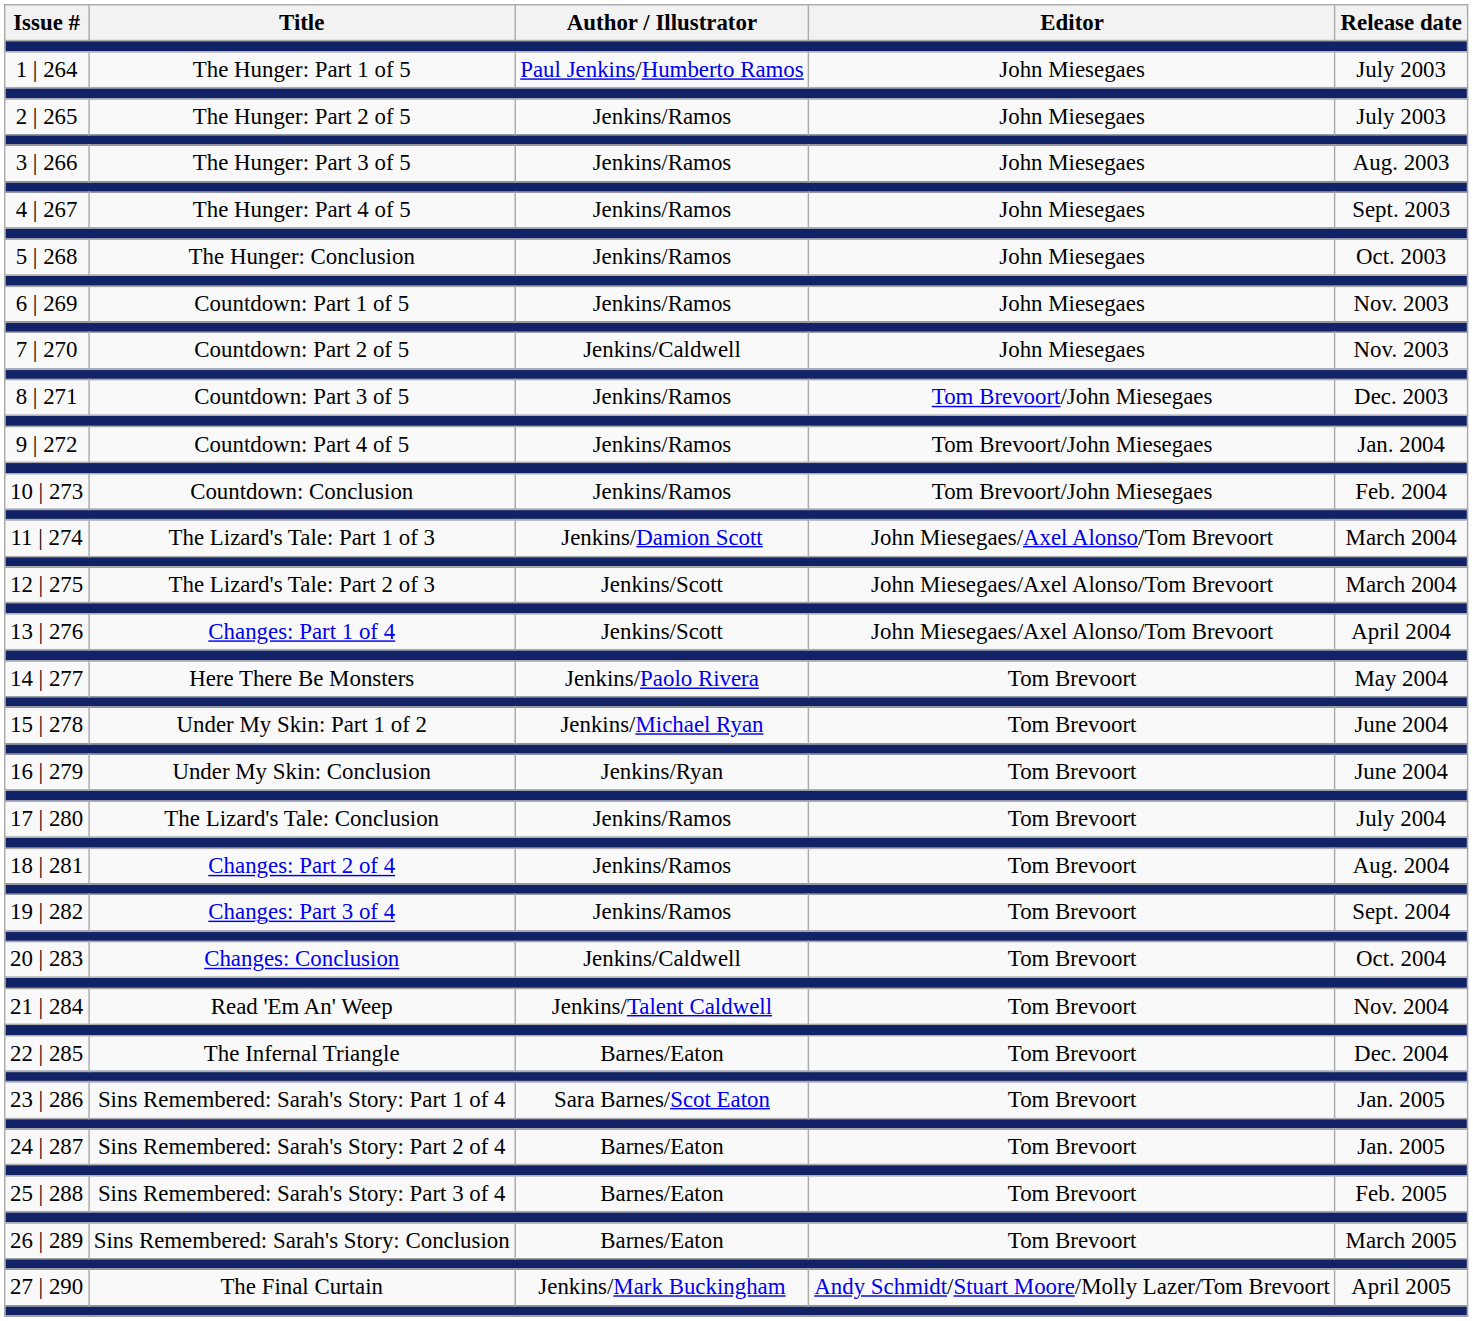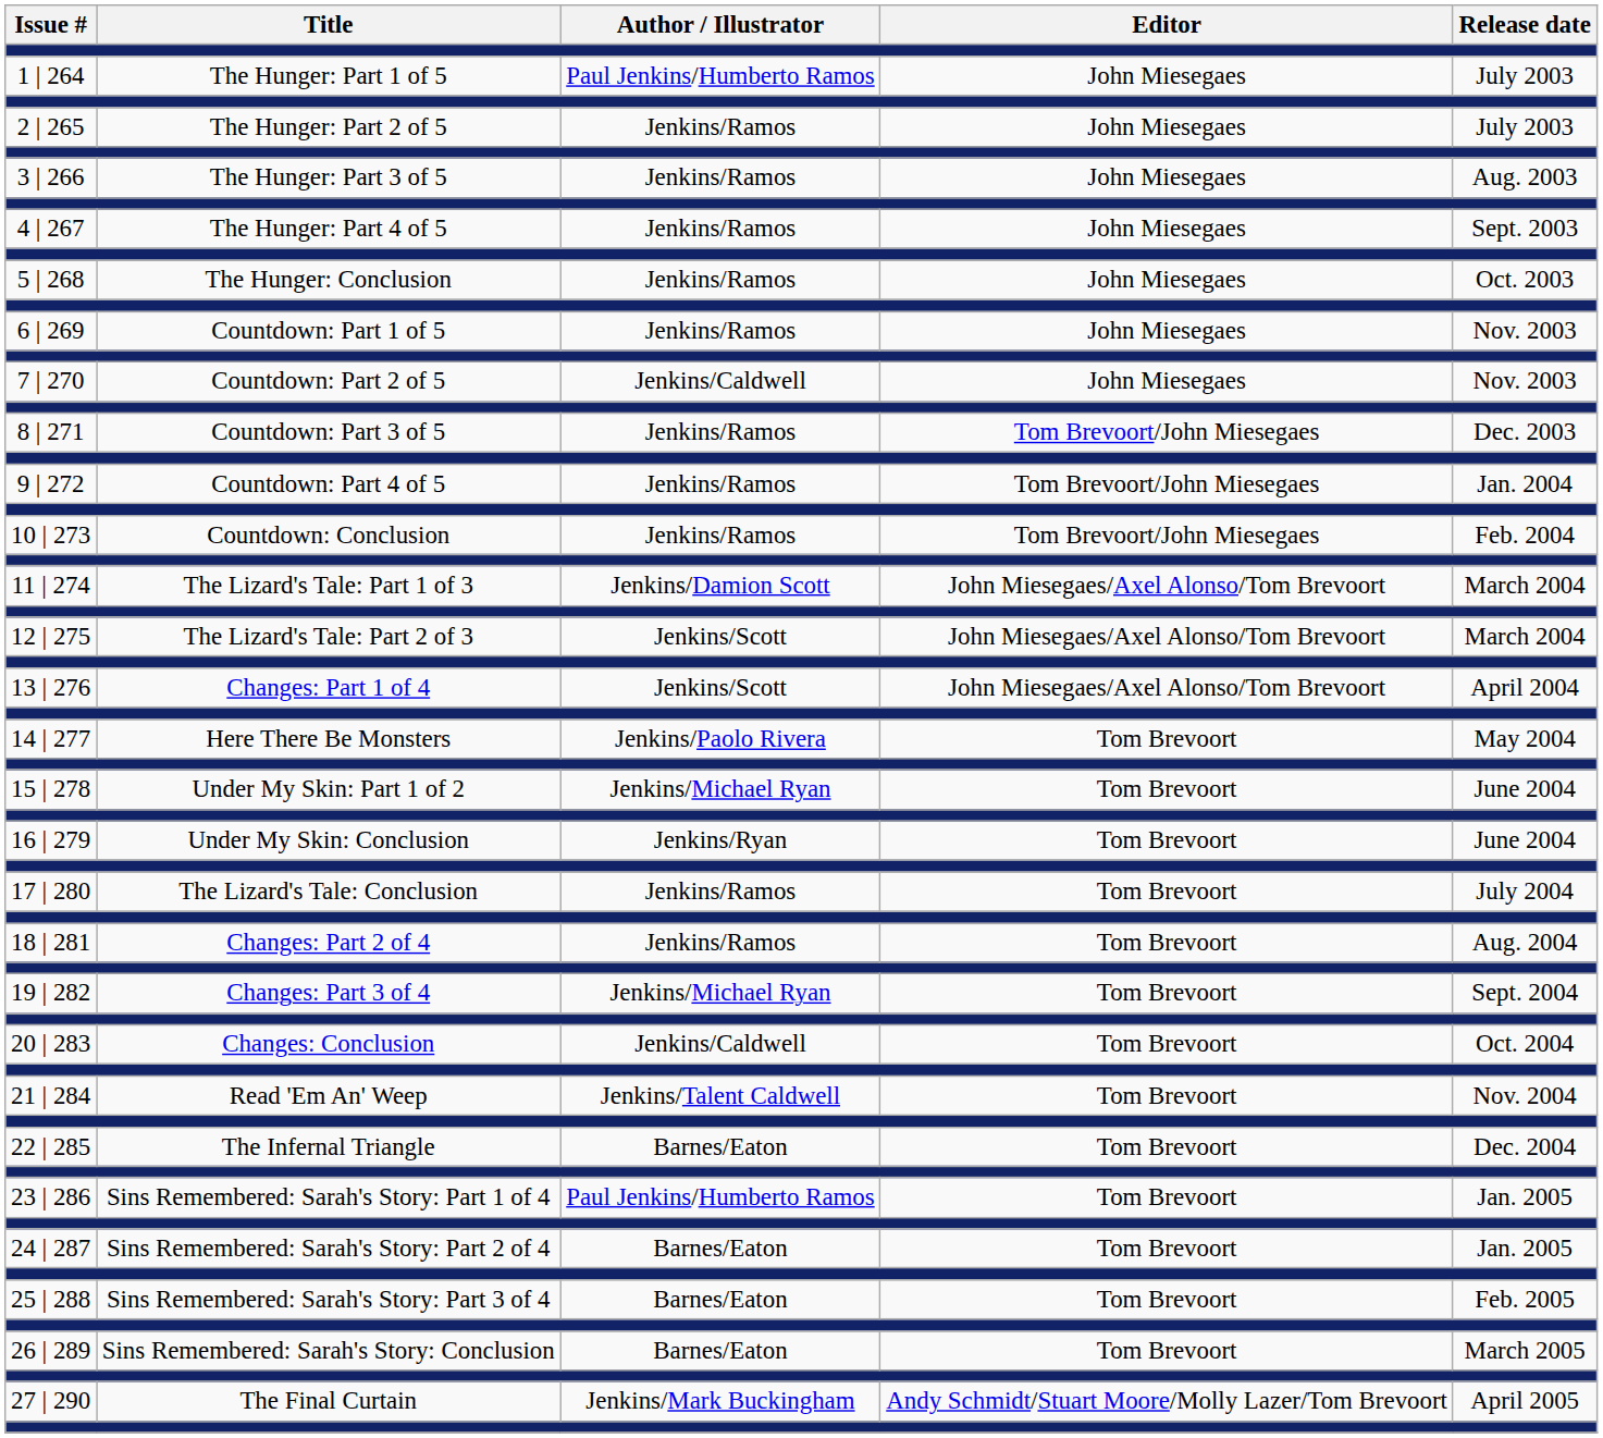 <table class="wikitable">
 <tr>
 <th>Issue #</th>
 <th>Title</th>
 <th>Author / Illustrator</th>
 <th>Editor</th>
 <th>Release date</th>
 </tr>
 <tr>
 <td colspan="6" bgcolor="#112266"></td>
 </tr>
 <tr>
 <td align="center">1  |  264</td>
 <td align="center">The Hunger: Part 1 of 5</td>
 <td align="center"><a href='#'>Paul Jenkins</a>/<a href='#'>Humberto Ramos</a></td>
 <td align="center">John Miesegaes</td>
 <td align="center">July 2003</td>
 </tr>
 <tr>
 <td colspan="6" bgcolor="#112266"></td>
 </tr>
 <tr>
 <td align="center">2  |  265</td>
 <td align="center">The Hunger: Part 2 of 5</td>
 <td align="center">Jenkins/Ramos</td>
 <td align="center">John Miesegaes</td>
 <td align="center">July 2003</td>
 </tr>
 <tr>
 <td colspan="6" bgcolor="#112266"></td>
 </tr>
 <tr>
 <td align="center">3  |  266</td>
 <td align="center">The Hunger: Part 3 of 5</td>
 <td align="center">Jenkins/Ramos</td>
 <td align="center">John Miesegaes</td>
 <td align="center">Aug. 2003</td>
 </tr>
 <tr>
 <td colspan="6" bgcolor="#112266"></td>
 </tr>
 <tr>
 <td align="center">4  |  267</td>
 <td align="center">The Hunger: Part 4 of 5</td>
 <td align="center">Jenkins/Ramos</td>
 <td align="center">John Miesegaes</td>
 <td align="center">Sept. 2003</td>
 </tr>
 <tr>
 <td colspan="6" bgcolor="#112266"></td>
 </tr>
 <tr>
 <td align="center">5  |  268</td>
 <td align="center">The Hunger: Conclusion</td>
 <td align="center">Jenkins/Ramos</td>
 <td align="center">John Miesegaes</td>
 <td align="center">Oct. 2003</td>
 </tr>
 <tr>
 <td colspan="6" bgcolor="#112266"></td>
 </tr>
 <tr>
 <td align="center">6  |  269</td>
 <td align="center">Countdown: Part 1 of 5</td>
 <td align="center">Jenkins/Ramos</td>
 <td align="center">John Miesegaes</td>
 <td align="center">Nov. 2003</td>
 </tr>
 <tr>
 <td colspan="6" bgcolor="#112266"></td>
 </tr>
 <tr>
 <td align="center">7  |  270</td>
 <td align="center">Countdown: Part 2 of 5</td>
 <td align="center">Jenkins/Caldwell</td>
 <td align="center">John Miesegaes</td>
 <td align="center">Nov. 2003</td>
 </tr>
 <tr>
 <td colspan="6" bgcolor="#112266"></td>
 </tr>
 <tr>
 <td align="center">8  |  271</td>
 <td align="center">Countdown: Part 3 of 5</td>
 <td align="center">Jenkins/Ramos</td>
 <td align="center"><a href='#'>Tom Brevoort</a>/John Miesegaes</td>
 <td align="center">Dec. 2003</td>
 </tr>
 <tr>
 <td colspan="6" bgcolor="#112266"></td>
 </tr>
 <tr>
 <td align="center">9  |  272</td>
 <td align="center">Countdown: Part 4 of 5</td>
 <td align="center">Jenkins/Ramos</td>
 <td align="center">Tom Brevoort/John Miesegaes</td>
 <td align="center">Jan. 2004</td>
 </tr>
 <tr>
 <td colspan="6" bgcolor="#112266"></td>
 </tr>
 <tr>
 <td align="center">10  |  273</td>
 <td align="center">Countdown: Conclusion</td>
 <td align="center">Jenkins/Ramos</td>
 <td align="center">Tom Brevoort/John Miesegaes</td>
 <td align="center">Feb. 2004</td>
 </tr>
 <tr>
 <td colspan="6" bgcolor="#112266"></td>
 </tr>
 <tr>
 <td align="center">11  |  274</td>
 <td align="center">The Lizard's Tale: Part 1 of 3</td>
 <td align="center">Jenkins/<a href='#'>Damion Scott</a></td>
 <td align="center">John Miesegaes/<a href='#'>Axel Alonso</a>/Tom Brevoort</td>
 <td align="center">March 2004</td>
 </tr>
 <tr>
 <td colspan="6" bgcolor="#112266"></td>
 </tr>
 <tr>
 <td align="center">12  |  275</td>
 <td align="center">The Lizard's Tale: Part 2 of 3</td>
 <td align="center">Jenkins/Scott</td>
 <td align="center">John Miesegaes/Axel Alonso/Tom Brevoort</td>
 <td align="center">March 2004</td>
 </tr>
 <tr>
 <td colspan="6" bgcolor="#112266"></td>
 </tr>
 <tr>
 <td align="center">13  |  276</td>
 <td align="center"><a href='#'>Changes: Part 1 of 4</a></td>
 <td align="center">Jenkins/Scott</td>
 <td align="center">John Miesegaes/Axel Alonso/Tom Brevoort</td>
 <td align="center">April 2004</td>
 </tr>
 <tr>
 <td colspan="6" bgcolor="#112266"></td>
 </tr>
 <tr>
 <td align="center">14  |  277</td>
 <td align="center">Here There Be Monsters</td>
 <td align="center">Jenkins/<a href='#'>Paolo Rivera</a></td>
 <td align="center">Tom Brevoort</td>
 <td align="center">May 2004</td>
 </tr>
 <tr>
 <td colspan="6" bgcolor="#112266"></td>
 </tr>
 <tr>
 <td align="center">15  |  278</td>
 <td align="center">Under My Skin: Part 1 of 2</td>
 <td align="center">Jenkins/<a href='#'>Michael Ryan</a></td>
 <td align="center">Tom Brevoort</td>
 <td align="center">June 2004</td>
 </tr>
 <tr>
 <td colspan="6" bgcolor="#112266"></td>
 </tr>
 <tr>
 <td align="center">16  |  279</td>
 <td align="center">Under My Skin: Conclusion</td>
 <td align="center">Jenkins/Ryan</td>
 <td align="center">Tom Brevoort</td>
 <td align="center">June 2004</td>
 </tr>
 <tr>
 <td colspan="6" bgcolor="#112266"></td>
 </tr>
 <tr>
 <td align="center">17  |  280</td>
 <td align="center">The Lizard's Tale: Conclusion</td>
 <td align="center">Jenkins/Ramos</td>
 <td align="center">Tom Brevoort</td>
 <td align="center">July 2004</td>
 </tr>
 <tr>
 <td colspan="6" bgcolor="#112266"></td>
 </tr>
 <tr>
 <td align="center">18  |  281</td>
 <td align="center"><a href='#'>Changes: Part 2 of 4</a></td>
 <td align="center">Jenkins/Ramos</td>
 <td align="center">Tom Brevoort</td>
 <td align="center">Aug. 2004</td>
 </tr>
 <tr>
 <td colspan="6" bgcolor="#112266"></td>
 </tr>
 <tr>
 <td align="center">19  |  282</td>
 <td align="center"><a href='#'>Changes: Part 3 of 4</a></td>
-<td align="center">Jenkins/Ramos</td>
+<td align="center">Jenkins/<a href='#'>Michael Ryan</a></td>
 <td align="center">Tom Brevoort</td>
 <td align="center">Sept. 2004</td>
 </tr>
 <tr>
 <td colspan="6" bgcolor="#112266"></td>
 </tr>
 <tr>
 <td align="center">20  |  283</td>
 <td align="center"><a href='#'>Changes: Conclusion</a></td>
 <td align="center">Jenkins/Caldwell</td>
 <td align="center">Tom Brevoort</td>
 <td align="center">Oct. 2004</td>
 </tr>
 <tr>
 <td colspan="6" bgcolor="#112266"></td>
 </tr>
 <tr>
 <td align="center">21  |  284</td>
 <td align="center">Read 'Em An' Weep</td>
 <td align="center">Jenkins/<a href='#'>Talent Caldwell</a></td>
 <td align="center">Tom Brevoort</td>
 <td align="center">Nov. 2004</td>
 </tr>
 <tr>
 <td colspan="6" bgcolor="#112266"></td>
 </tr>
 <tr>
 <td align="center">22  |  285</td>
 <td align="center">The Infernal Triangle</td>
 <td align="center">Barnes/Eaton</td>
 <td align="center">Tom Brevoort</td>
 <td align="center">Dec. 2004</td>
 </tr>
 <tr>
 <td colspan="6" bgcolor="#112266"></td>
 </tr>
 <tr>
 <td align="center">23  |  286</td>
 <td align="center">Sins Remembered: Sarah's Story: Part 1 of 4</td>
-<td align="center">Sara Barnes/<a href='#'>Scot Eaton</a></td>
+<td align="center"><a href='#'>Paul Jenkins</a>/<a href='#'>Humberto Ramos</a></td>
 <td align="center">Tom Brevoort</td>
 <td align="center">Jan. 2005</td>
 </tr>
 <tr>
 <td colspan="6" bgcolor="#112266"></td>
 </tr>
 <tr>
 <td align="center">24  |  287</td>
 <td align="center">Sins Remembered: Sarah's Story: Part 2 of 4</td>
 <td align="center">Barnes/Eaton</td>
 <td align="center">Tom Brevoort</td>
 <td align="center">Jan. 2005</td>
 </tr>
 <tr>
 <td colspan="6" bgcolor="#112266"></td>
 </tr>
 <tr>
 <td align="center">25  |  288</td>
 <td align="center">Sins Remembered: Sarah's Story: Part 3 of 4</td>
 <td align="center">Barnes/Eaton</td>
 <td align="center">Tom Brevoort</td>
 <td align="center">Feb. 2005</td>
 </tr>
 <tr>
 <td colspan="6" bgcolor="#112266"></td>
 </tr>
 <tr>
 <td align="center">26  |  289</td>
 <td align="center">Sins Remembered: Sarah's Story: Conclusion</td>
 <td align="center">Barnes/Eaton</td>
 <td align="center">Tom Brevoort</td>
 <td align="center">March 2005</td>
 </tr>
 <tr>
 <td colspan="6" bgcolor="#112266"></td>
 </tr>
 <tr>
 <td align="center">27  |  290</td>
 <td align="center">The Final Curtain</td>
 <td align="center">Jenkins/<a href='#'>Mark Buckingham</a></td>
 <td align="center"><a href='#'>Andy Schmidt</a>/<a href='#'>Stuart Moore</a>/Molly Lazer/Tom Brevoort</td>
 <td align="center">April 2005</td>
 </tr>
 <tr>
 <td colspan="6" bgcolor="#112266"></td>
 </tr>
 <tr>
 </tr>
 </table>
